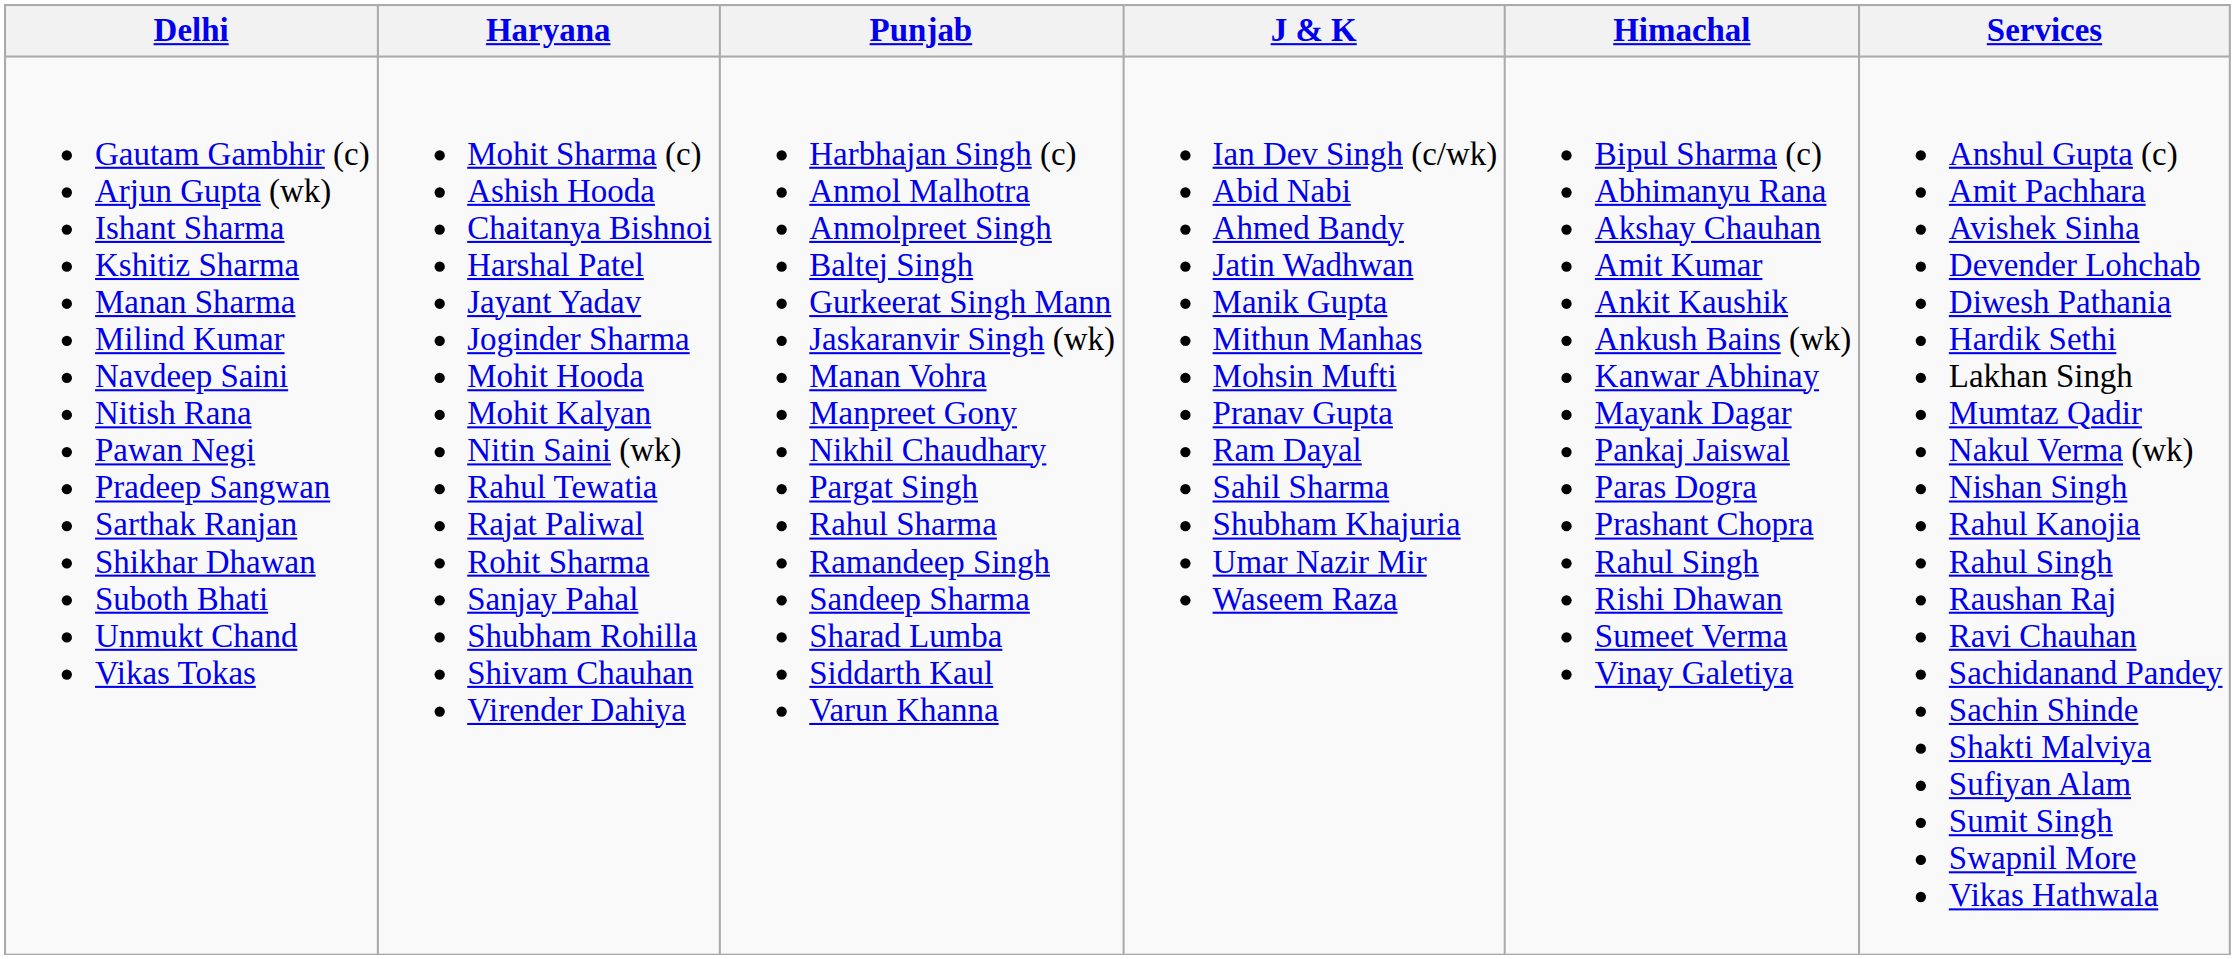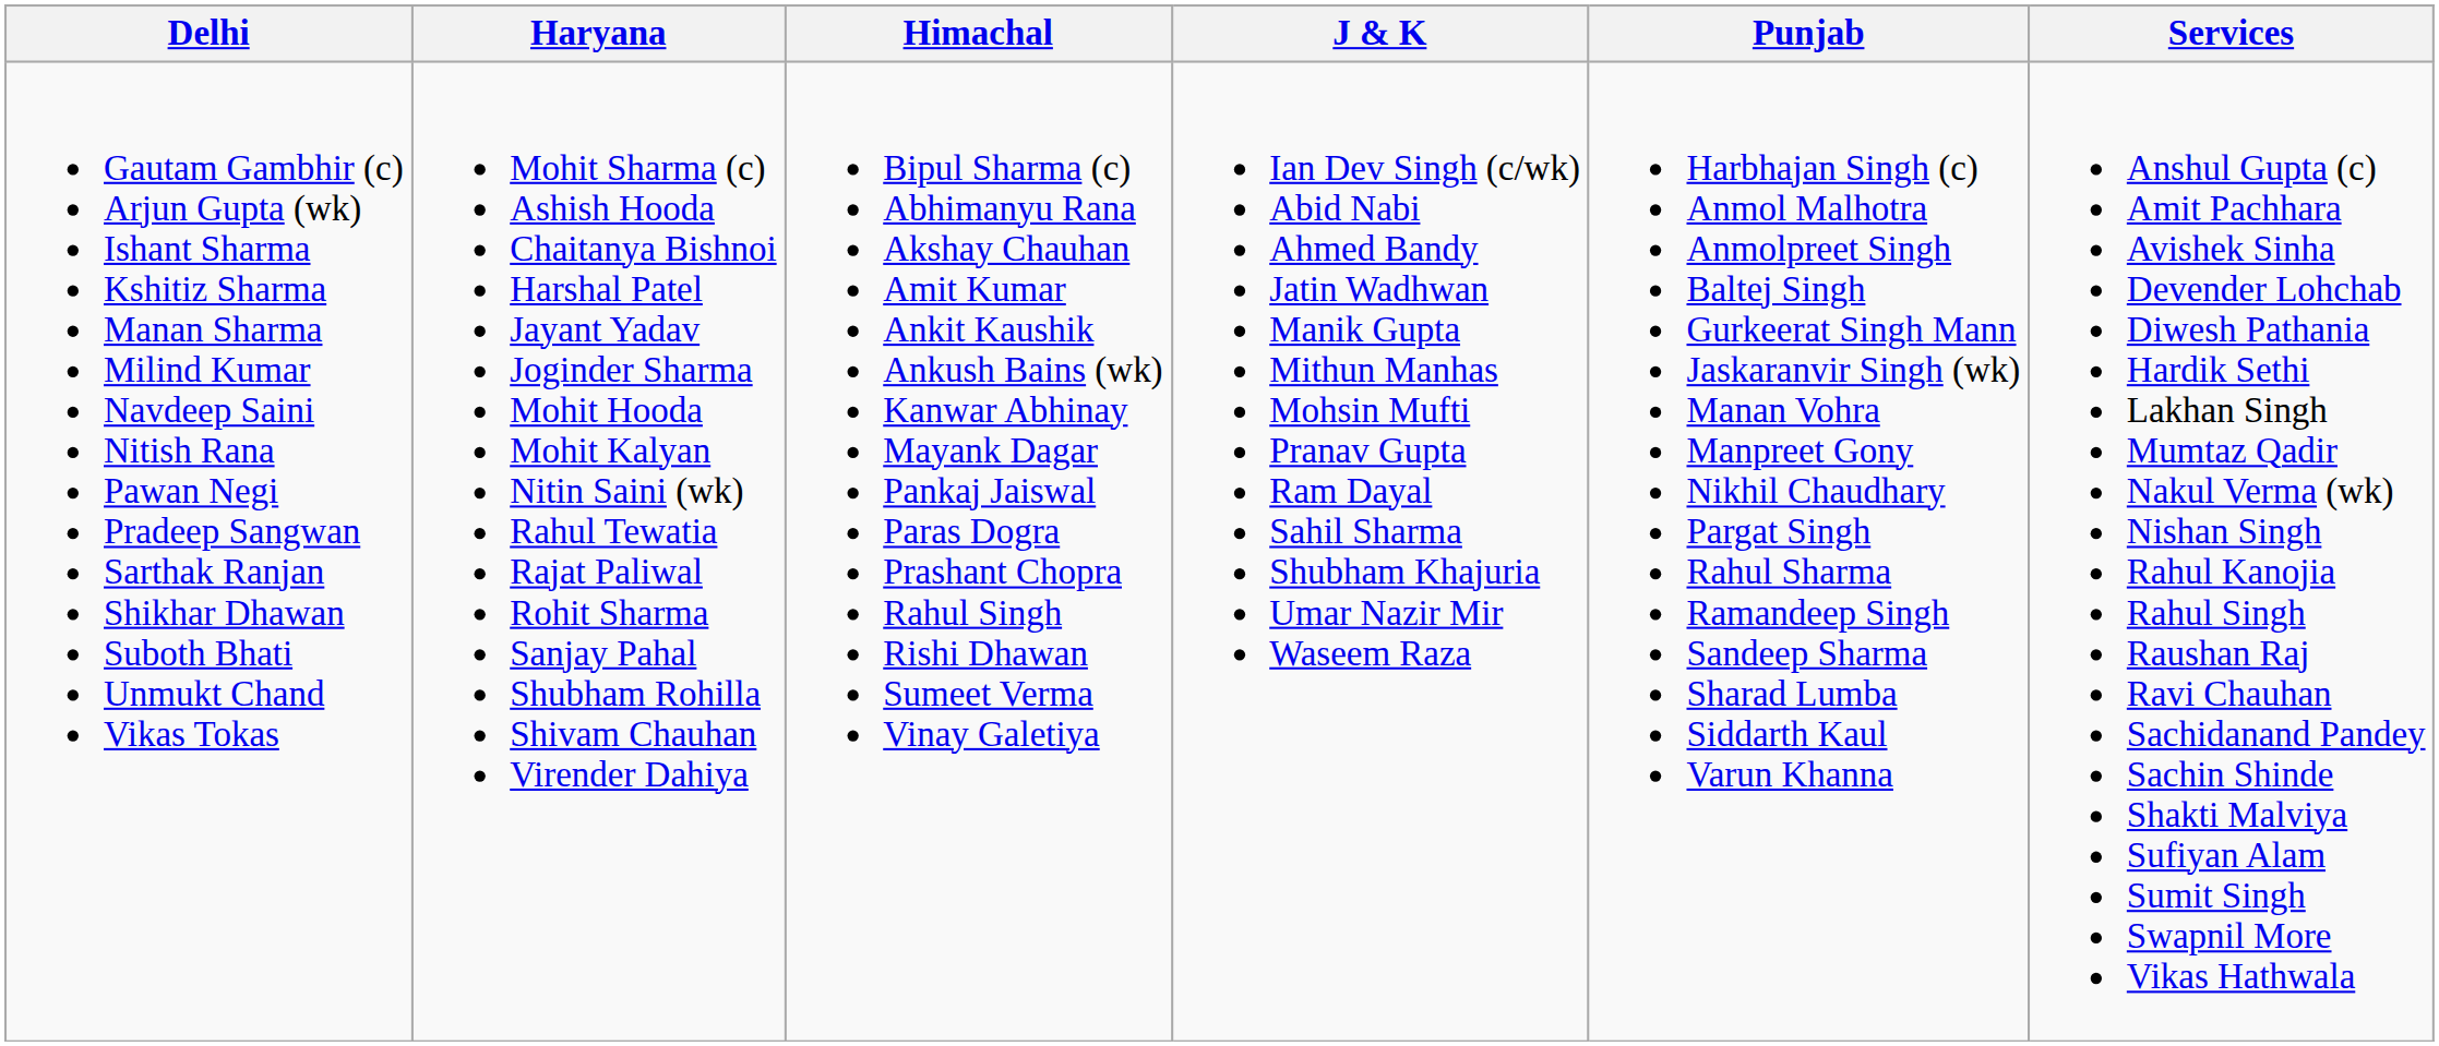 <table class="wikitable">
 <tr>
 <th><a href='#'>Delhi</a></th>
 <th><a href='#'>Haryana</a></th>
+<th><a href='#'>Himachal</a></th>
+<th><a href='#'>J & K</a></th>
 <th><a href='#'>Punjab</a></th>
-<th><a href='#'>J & K</a></th>
-<th><a href='#'>Himachal</a></th>
 <th><a href='#'>Services</a></th>
 </tr>
 <tr style="vertical-align:top">
 <td><br><ul><li><a href='#'>Gautam Gambhir</a> (c)</li><li><a href='#'>Arjun Gupta</a> (wk)</li><li><a href='#'>Ishant Sharma</a></li><li><a href='#'>Kshitiz Sharma</a></li><li><a href='#'>Manan Sharma</a></li><li><a href='#'>Milind Kumar</a></li><li><a href='#'>Navdeep Saini</a></li><li><a href='#'>Nitish Rana</a></li><li><a href='#'>Pawan Negi</a></li><li><a href='#'>Pradeep Sangwan</a></li><li><a href='#'>Sarthak Ranjan</a></li><li><a href='#'>Shikhar Dhawan</a></li><li><a href='#'>Suboth Bhati</a></li><li><a href='#'>Unmukt Chand</a></li><li><a href='#'>Vikas Tokas</a></li></ul></td>
 <td><br><ul><li><a href='#'>Mohit Sharma</a> (c)</li><li><a href='#'>Ashish Hooda</a></li><li><a href='#'>Chaitanya Bishnoi</a></li><li><a href='#'>Harshal Patel</a></li><li><a href='#'>Jayant Yadav</a></li><li><a href='#'>Joginder Sharma</a></li><li><a href='#'>Mohit Hooda</a></li><li><a href='#'>Mohit Kalyan</a></li><li><a href='#'>Nitin Saini</a> (wk)</li><li><a href='#'>Rahul Tewatia</a></li><li><a href='#'>Rajat Paliwal</a></li><li><a href='#'>Rohit Sharma</a></li><li><a href='#'>Sanjay Pahal</a></li><li><a href='#'>Shubham Rohilla</a></li><li><a href='#'>Shivam Chauhan</a></li><li><a href='#'>Virender Dahiya</a></li></ul></td>
+<td><br><ul><li><a href='#'>Bipul Sharma</a> (c)</li><li><a href='#'>Abhimanyu Rana</a></li><li><a href='#'>Akshay Chauhan</a></li><li><a href='#'>Amit Kumar</a></li><li><a href='#'>Ankit Kaushik</a></li><li><a href='#'>Ankush Bains</a> (wk)</li><li><a href='#'>Kanwar Abhinay</a></li><li><a href='#'>Mayank Dagar</a></li><li><a href='#'>Pankaj Jaiswal</a></li><li><a href='#'>Paras Dogra</a></li><li><a href='#'>Prashant Chopra</a></li><li><a href='#'>Rahul Singh</a></li><li><a href='#'>Rishi Dhawan</a></li><li><a href='#'>Sumeet Verma</a></li><li><a href='#'>Vinay Galetiya</a></li></ul></td>
+<td><br><ul><li><a href='#'>Ian Dev Singh</a> (c/wk)</li><li><a href='#'>Abid Nabi</a></li><li><a href='#'>Ahmed Bandy</a></li><li><a href='#'>Jatin Wadhwan</a></li><li><a href='#'>Manik Gupta</a></li><li><a href='#'>Mithun Manhas</a></li><li><a href='#'>Mohsin Mufti</a></li><li><a href='#'>Pranav Gupta</a></li><li><a href='#'>Ram Dayal</a></li><li><a href='#'>Sahil Sharma</a></li><li><a href='#'>Shubham Khajuria</a></li><li><a href='#'>Umar Nazir Mir</a></li><li><a href='#'>Waseem Raza</a></li></ul></td>
 <td><br><ul><li><a href='#'>Harbhajan Singh</a> (c)</li><li><a href='#'>Anmol Malhotra</a></li><li><a href='#'>Anmolpreet Singh</a></li><li><a href='#'>Baltej Singh</a></li><li><a href='#'>Gurkeerat Singh Mann</a></li><li><a href='#'>Jaskaranvir Singh</a> (wk)</li><li><a href='#'>Manan Vohra</a></li><li><a href='#'>Manpreet Gony</a></li><li><a href='#'>Nikhil Chaudhary</a></li><li><a href='#'>Pargat Singh</a></li><li><a href='#'>Rahul Sharma</a></li><li><a href='#'>Ramandeep Singh</a></li><li><a href='#'>Sandeep Sharma</a></li><li><a href='#'>Sharad Lumba</a></li><li><a href='#'>Siddarth Kaul</a></li><li><a href='#'>Varun Khanna</a></li></ul></td>
-<td><br><ul><li><a href='#'>Ian Dev Singh</a> (c/wk)</li><li><a href='#'>Abid Nabi</a></li><li><a href='#'>Ahmed Bandy</a></li><li><a href='#'>Jatin Wadhwan</a></li><li><a href='#'>Manik Gupta</a></li><li><a href='#'>Mithun Manhas</a></li><li><a href='#'>Mohsin Mufti</a></li><li><a href='#'>Pranav Gupta</a></li><li><a href='#'>Ram Dayal</a></li><li><a href='#'>Sahil Sharma</a></li><li><a href='#'>Shubham Khajuria</a></li><li><a href='#'>Umar Nazir Mir</a></li><li><a href='#'>Waseem Raza</a></li></ul></td>
-<td><br><ul><li><a href='#'>Bipul Sharma</a> (c)</li><li><a href='#'>Abhimanyu Rana</a></li><li><a href='#'>Akshay Chauhan</a></li><li><a href='#'>Amit Kumar</a></li><li><a href='#'>Ankit Kaushik</a></li><li><a href='#'>Ankush Bains</a> (wk)</li><li><a href='#'>Kanwar Abhinay</a></li><li><a href='#'>Mayank Dagar</a></li><li><a href='#'>Pankaj Jaiswal</a></li><li><a href='#'>Paras Dogra</a></li><li><a href='#'>Prashant Chopra</a></li><li><a href='#'>Rahul Singh</a></li><li><a href='#'>Rishi Dhawan</a></li><li><a href='#'>Sumeet Verma</a></li><li><a href='#'>Vinay Galetiya</a></li></ul></td>
 <td><br><ul><li><a href='#'>Anshul Gupta</a> (c)</li><li><a href='#'>Amit Pachhara</a></li><li><a href='#'>Avishek Sinha</a></li><li><a href='#'>Devender Lohchab</a></li><li><a href='#'>Diwesh Pathania</a></li><li><a href='#'>Hardik Sethi</a></li><li>Lakhan Singh</li><li><a href='#'>Mumtaz Qadir</a></li><li><a href='#'>Nakul Verma</a> (wk)</li><li><a href='#'>Nishan Singh</a></li><li><a href='#'>Rahul Kanojia</a></li><li><a href='#'>Rahul Singh</a></li><li><a href='#'>Raushan Raj</a></li><li><a href='#'>Ravi Chauhan</a></li><li><a href='#'>Sachidanand Pandey</a></li><li><a href='#'>Sachin Shinde</a></li><li><a href='#'>Shakti Malviya</a></li><li><a href='#'>Sufiyan Alam</a></li><li><a href='#'>Sumit Singh</a></li><li><a href='#'>Swapnil More</a></li><li><a href='#'>Vikas Hathwala</a></li></ul></td>
 </tr>
 </table>
